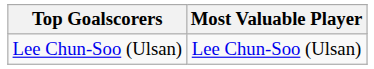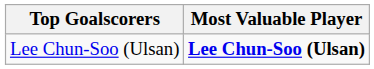 <table class="wikitable" style="text-align: center; margin: 0 auto;">
 <tr>
 <th>Top Goalscorers</th>
 <th>Most Valuable Player</th>
 </tr>
 <tr>
 <td> <a href='#'>Lee Chun-Soo</a> (Ulsan)</td>
-<td> <a href='#'>Lee Chun-Soo</a> (Ulsan)</td>
+<td><strong> <a href='#'>Lee Chun-Soo</a> (Ulsan)</strong></td>
 </tr>
 </table>
